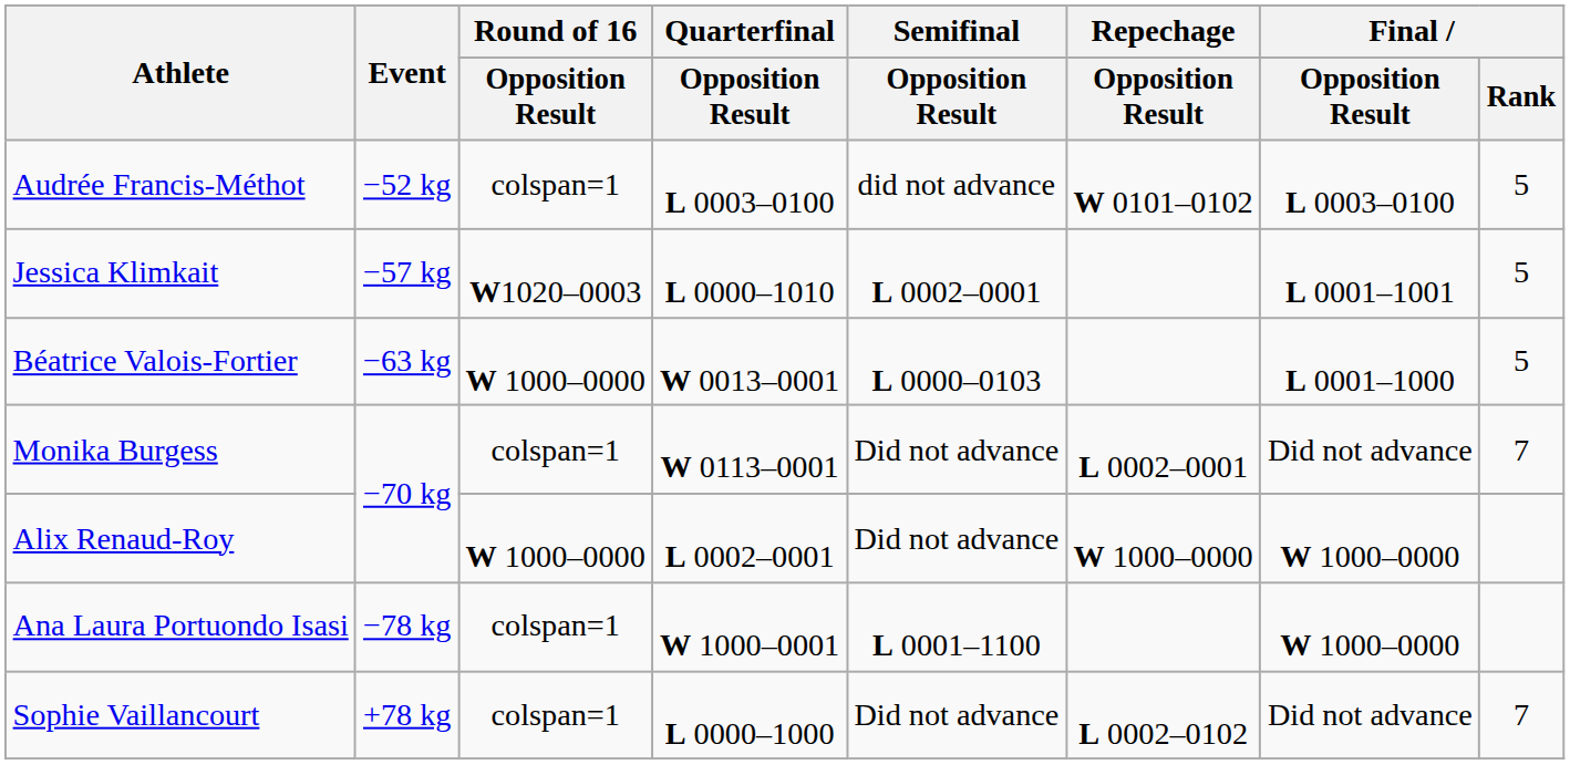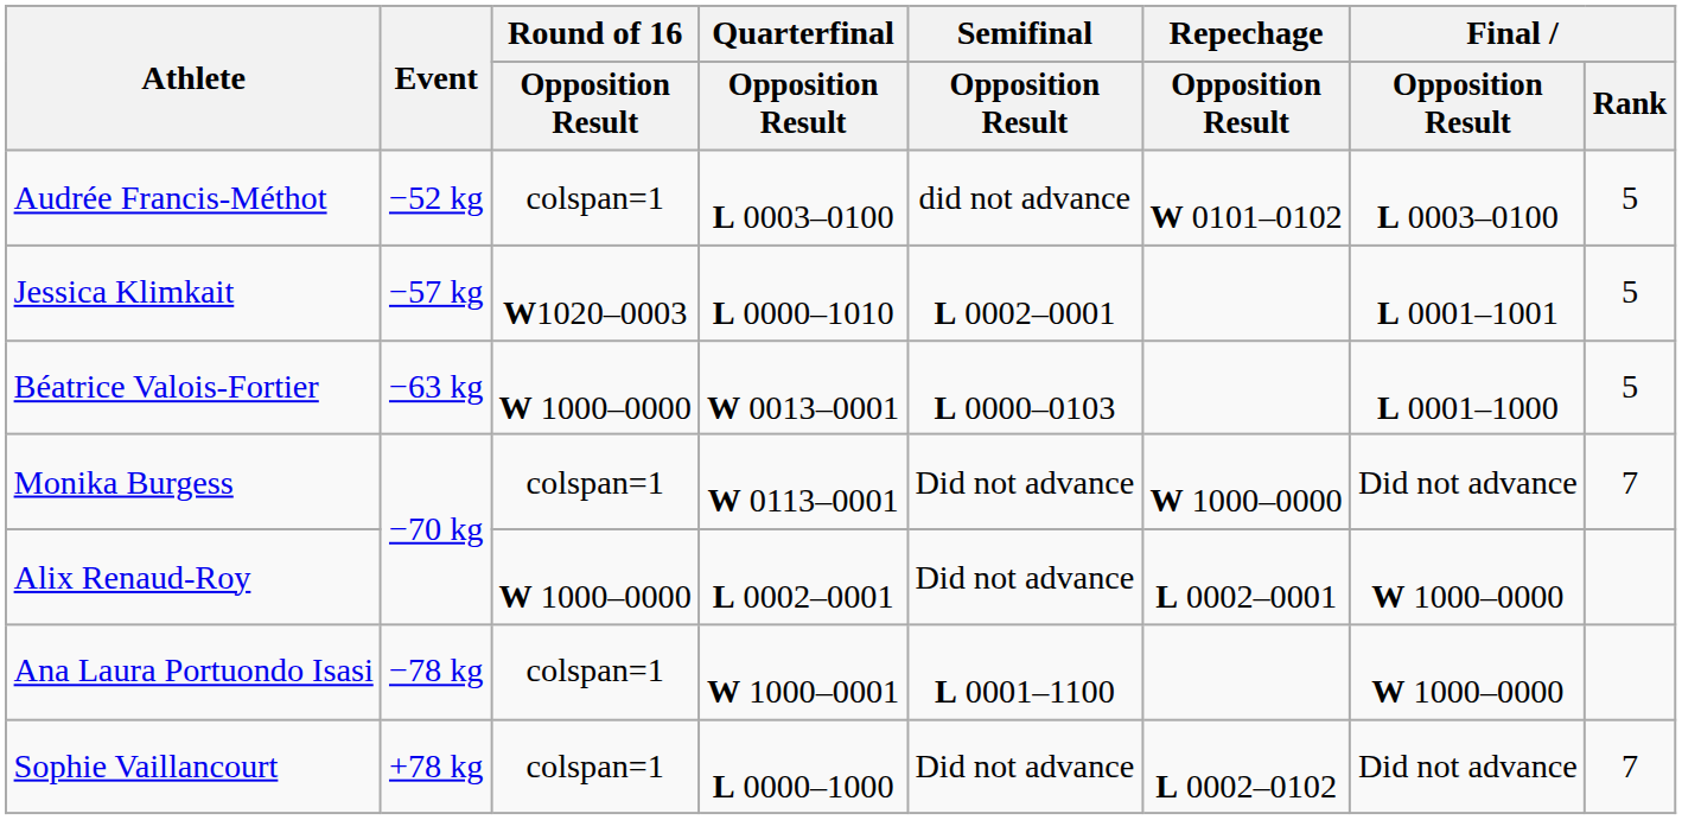 <table class="wikitable" style="font-size:90%">
 <tr>
 <th rowspan=2>Athlete</th>
 <th rowspan=2>Event</th>
 <th>Round of 16</th>
 <th>Quarterfinal</th>
 <th>Semifinal</th>
 <th>Repechage</th>
 <th colspan=2>Final / </th>
 </tr>
 <tr style="font-size: 95%">
 <th>Opposition<br>Result</th>
 <th>Opposition<br>Result</th>
 <th>Opposition<br>Result</th>
 <th>Opposition<br>Result</th>
 <th>Opposition<br>Result</th>
 <th>Rank</th>
 </tr>
 <tr align=center>
 <td align=left><a href='#'>Audrée Francis-Méthot</a></td>
 <td align=left><a href='#'>−52 kg</a></td>
 <td>colspan=1 </td>
 <td><br><strong>L</strong> 0003–0100</td>
 <td colspan=1>did not advance</td>
 <td><br><strong>W</strong> 0101–0102</td>
 <td><br><strong>L</strong> 0003–0100</td>
 <td>5</td>
 </tr>
 <tr align=center>
 <td align=left><a href='#'>Jessica Klimkait</a></td>
 <td align=left><a href='#'>−57 kg</a></td>
 <td><br><strong>W</strong>1020–0003</td>
 <td><br><strong>L</strong> 0000–1010</td>
 <td><br><strong>L</strong> 0002–0001</td>
 <td></td>
 <td><br><strong>L</strong> 0001–1001</td>
 <td>5</td>
 </tr>
 <tr align=center>
 <td align=left><a href='#'>Béatrice Valois-Fortier</a></td>
 <td align=left><a href='#'>−63 kg</a></td>
 <td><br><strong>W</strong> 1000–0000</td>
 <td><br><strong>W</strong> 0013–0001</td>
 <td><br><strong>L</strong> 0000–0103</td>
 <td></td>
 <td><br><strong>L</strong> 0001–1000</td>
 <td>5</td>
 </tr>
 <tr align=center>
 <td align=left><a href='#'>Monika Burgess</a></td>
 <td align=left rowspan="2"><a href='#'>−70 kg</a></td>
 <td>colspan=1 </td>
 <td><br><strong>W</strong> 0113–0001</td>
 <td>Did not advance</td>
-<td><br><strong>L</strong> 0002–0001</td>
+<td><br><strong>W</strong> 1000–0000</td>
 <td>Did not advance</td>
 <td>7</td>
 </tr>
 <tr align=center>
 <td align=left><a href='#'>Alix Renaud-Roy</a></td>
 <td><br><strong>W</strong> 1000–0000</td>
 <td><br><strong>L</strong> 0002–0001</td>
 <td>Did not advance</td>
-<td><br><strong>W</strong> 1000–0000</td>
+<td><br><strong>L</strong> 0002–0001</td>
 <td><br><strong>W</strong> 1000–0000</td>
 <td></td>
 </tr>
 <tr align=center>
 <td align=left><a href='#'>Ana Laura Portuondo Isasi</a></td>
 <td align=left><a href='#'>−78 kg</a></td>
 <td>colspan=1 </td>
 <td><br><strong>W</strong> 1000–0001</td>
 <td><br><strong>L</strong> 0001–1100</td>
 <td></td>
 <td><br><strong>W</strong> 1000–0000</td>
 <td></td>
 </tr>
 <tr align=center>
 <td align=left><a href='#'>Sophie Vaillancourt</a></td>
 <td align=left><a href='#'>+78 kg</a></td>
 <td>colspan=1 </td>
 <td><br><strong>L</strong> 0000–1000</td>
 <td>Did not advance</td>
 <td><br><strong>L</strong> 0002–0102</td>
 <td>Did not advance</td>
 <td>7</td>
 </tr>
 </table>
